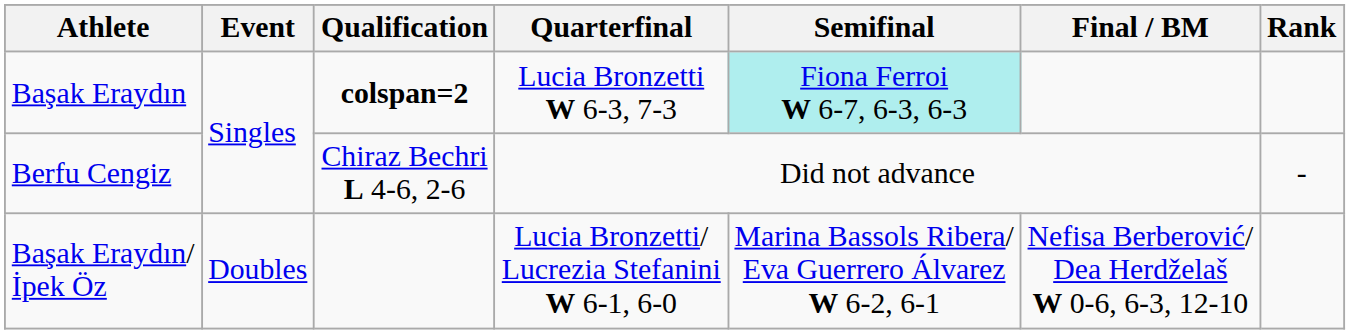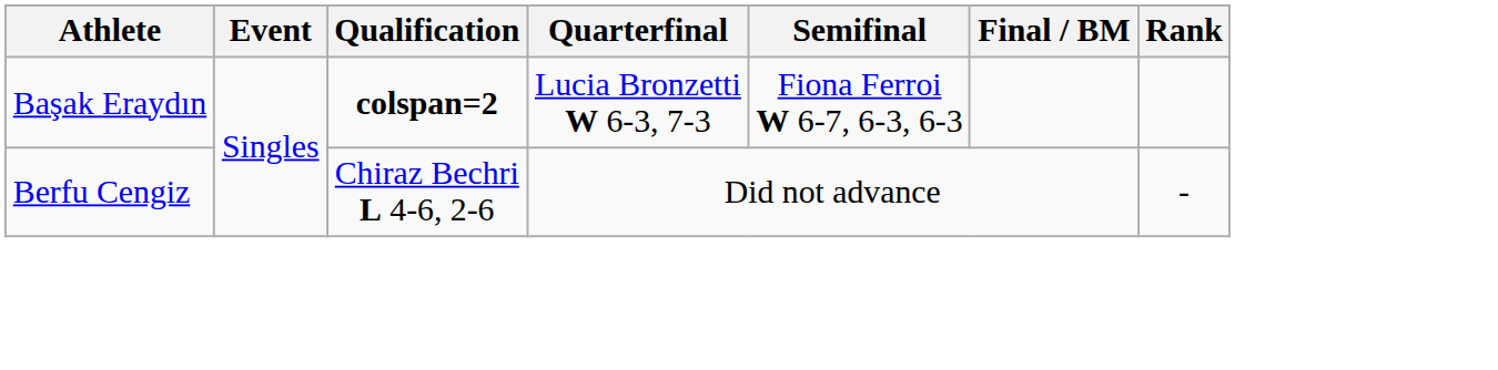 <table class="wikitable">
 <tr>
 <th>Athlete</th>
 <th>Event</th>
 <th>Qualification</th>
 <th>Quarterfinal</th>
 <th>Semifinal</th>
 <th>Final / BM</th>
 <th>Rank</th>
 </tr>
 <tr align=center>
 <td align=left><a href='#'>Başak Eraydın</a></td>
 <td align=left rowspan=2><a href='#'>Singles</a></td>
 <td><strong>colspan=2 </strong></td>
 <td> <a href='#'>Lucia Bronzetti</a><br><strong>W</strong> 6-3, 7-3</td>
-<td style="background: paleturquoise;"> <a href='#'>Fiona Ferroi</a><br><strong>W</strong> 6-7, 6-3, 6-3</td>
+<td> <a href='#'>Fiona Ferroi</a><br><strong>W</strong> 6-7, 6-3, 6-3</td>
 <td></td>
 </tr>
 <tr align=center>
 <td align=left><a href='#'>Berfu Cengiz</a></td>
 <td> <a href='#'>Chiraz Bechri</a><br><strong>L</strong> 4-6, 2-6</td>
 <td colspan=3>Did not advance</td>
 <td>-</td>
 </tr>
-<tr align=center>
-<td align=left><a href='#'>Başak Eraydın</a>/<br><a href='#'>İpek Öz</a></td>
-<td align=left><a href='#'>Doubles</a></td>
-<td></td>
-<td> <a href='#'>Lucia Bronzetti</a>/<br><a href='#'>Lucrezia Stefanini</a><br><strong>W</strong> 6-1, 6-0</td>
-<td> <a href='#'>Marina Bassols Ribera</a>/<br><a href='#'>Eva Guerrero Álvarez</a><br><strong>W</strong> 6-2, 6-1</td>
-<td> <a href='#'>Nefisa Berberović</a>/<br><a href='#'>Dea Herdželaš</a><br><strong>W</strong> 0-6, 6-3, 12-10</td>
-<td></td>
-</tr>
 </table>
